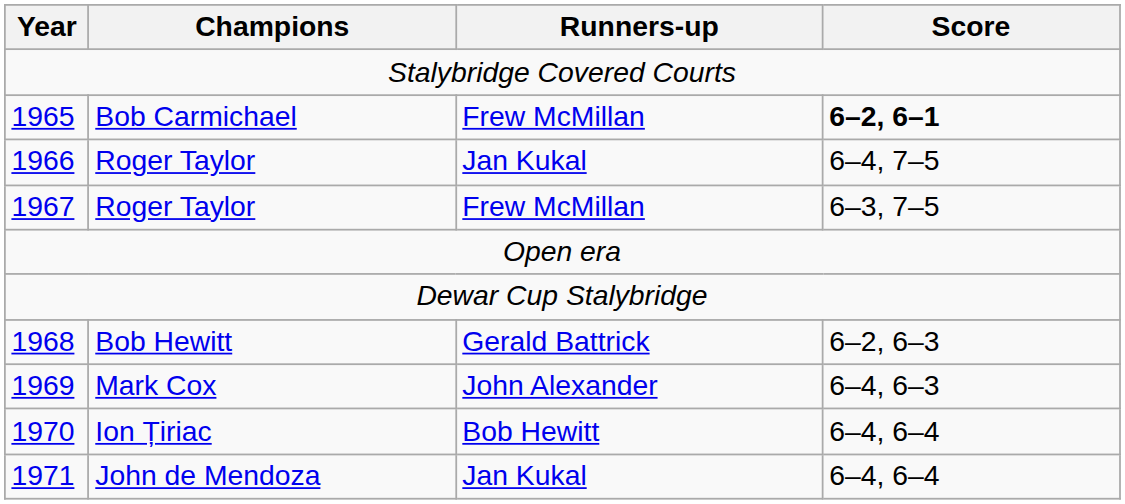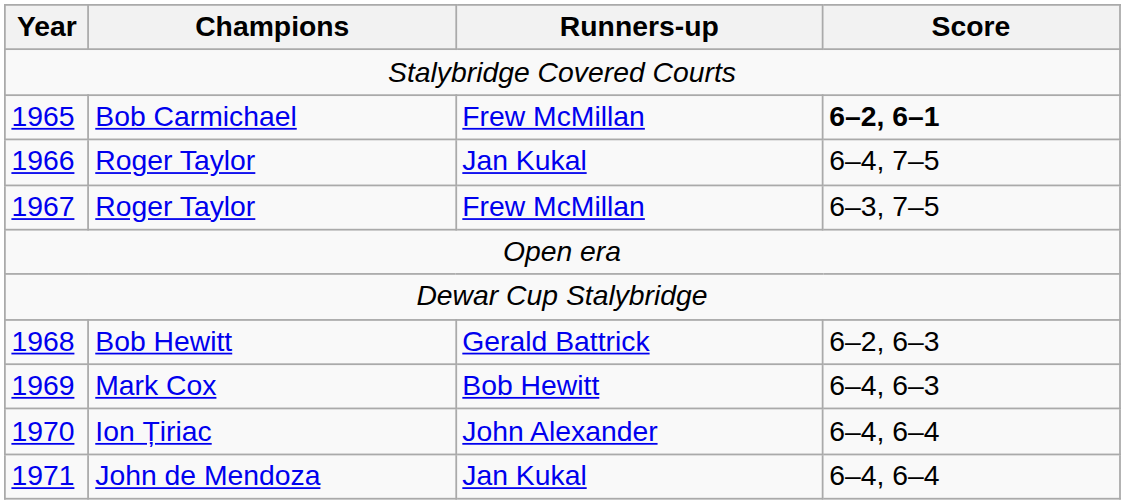 <table class="wikitable">
 <tr>
 <th style="width:40px">Year</th>
 <th style="width:200px">Champions</th>
 <th style="width:200px">Runners-up</th>
 <th style="width:160px" class="unsortable">Score</th>
 </tr>
 <tr>
 <td colspan="4" style="text-align:center;"><em>Stalybridge Covered Courts</em></td>
 </tr>
 <tr>
 <td><a href='#'>1965</a></td>
 <td> <a href='#'>Bob Carmichael</a></td>
 <td> <a href='#'>Frew McMillan</a></td>
 <td><strong>6–2, 6–1</strong></td>
 </tr>
 <tr>
 <td><a href='#'>1966</a></td>
 <td>  <a href='#'>Roger Taylor</a></td>
 <td>  <a href='#'>Jan Kukal</a></td>
 <td>6–4, 7–5</td>
 </tr>
 <tr>
 <td><a href='#'>1967</a></td>
 <td>  <a href='#'>Roger Taylor</a></td>
 <td> <a href='#'>Frew McMillan</a></td>
 <td>6–3, 7–5</td>
 </tr>
 <tr>
 <td colspan=4 align=center><em>Open era </em></td>
 </tr>
 <tr>
 <td colspan="4" style="text-align:center;"><em>Dewar Cup Stalybridge</em></td>
 </tr>
 <tr>
 <td><a href='#'>1968</a></td>
 <td> <a href='#'>Bob Hewitt</a></td>
 <td> <a href='#'>Gerald Battrick</a></td>
 <td>6–2, 6–3</td>
 </tr>
 <tr>
 <td><a href='#'>1969</a></td>
 <td> <a href='#'>Mark Cox</a></td>
-<td>  <a href='#'>John Alexander</a></td>
+<td> <a href='#'>Bob Hewitt</a></td>
 <td>6–4, 6–3</td>
 </tr>
 <tr>
 <td><a href='#'>1970</a></td>
 <td> <a href='#'>Ion Țiriac</a></td>
-<td> <a href='#'>Bob Hewitt</a></td>
+<td>  <a href='#'>John Alexander</a></td>
 <td>6–4, 6–4</td>
 </tr>
 <tr>
 <td><a href='#'>1971</a></td>
 <td> <a href='#'>John de Mendoza</a></td>
 <td>  <a href='#'>Jan Kukal</a></td>
 <td>6–4, 6–4</td>
 </tr>
 </table>
